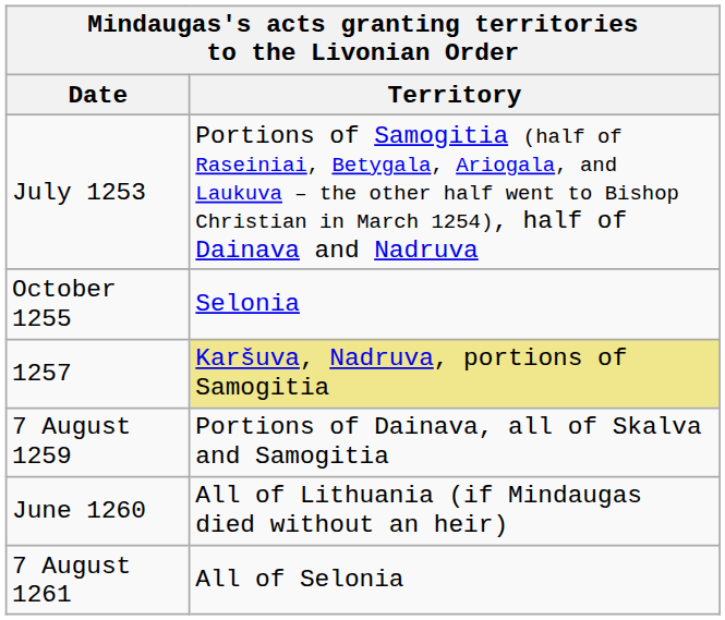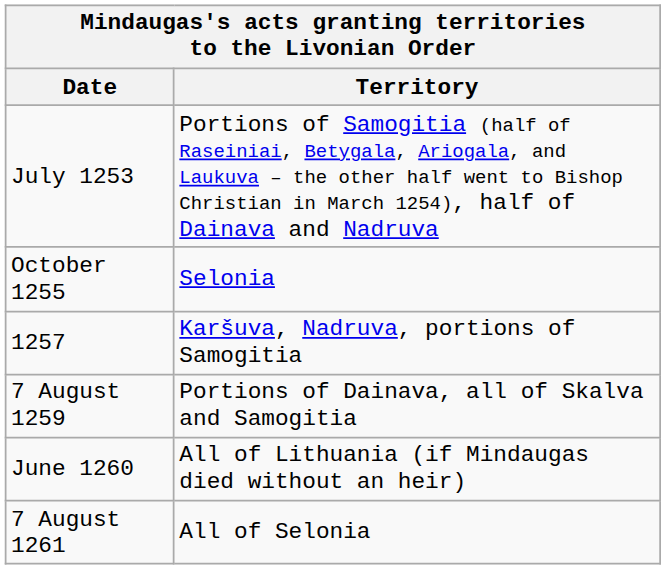 <table class="wikitable" style="width:375px; font-size:100%; border: 0px; padding:5px;margin: .75em 0 1em 1em; float:right;">
 <tr>
 <th colspan=2>Mindaugas's acts granting territories<br>to the Livonian Order</th>
 </tr>
 <tr>
 <th width=90px>Date</th>
 <th>Territory</th>
 </tr>
 <tr>
 <td>July 1253</td>
 <td>Portions of <a href='#'>Samogitia</a> <small>(half of <a href='#'>Raseiniai</a>, <a href='#'>Betygala</a>, <a href='#'>Ariogala</a>, and <a href='#'>Laukuva</a> – the other half went to Bishop Christian in March 1254)</small>, half of <a href='#'>Dainava</a> and <a href='#'>Nadruva</a></td>
 </tr>
 <tr>
 <td>October 1255</td>
 <td><a href='#'>Selonia</a></td>
 </tr>
 <tr>
 <td>1257</td>
-<td style="background: khaki;"><a href='#'>Karšuva</a>, <a href='#'>Nadruva</a>, portions of Samogitia</td>
+<td><a href='#'>Karšuva</a>, <a href='#'>Nadruva</a>, portions of Samogitia</td>
 </tr>
 <tr>
 <td>7 August 1259</td>
 <td>Portions of Dainava, all of Skalva and Samogitia</td>
 </tr>
 <tr>
 <td>June 1260</td>
 <td>All of Lithuania (if Mindaugas died without an heir)</td>
 </tr>
 <tr>
 <td>7 August 1261</td>
 <td>All of Selonia</td>
 </tr>
 </table>
